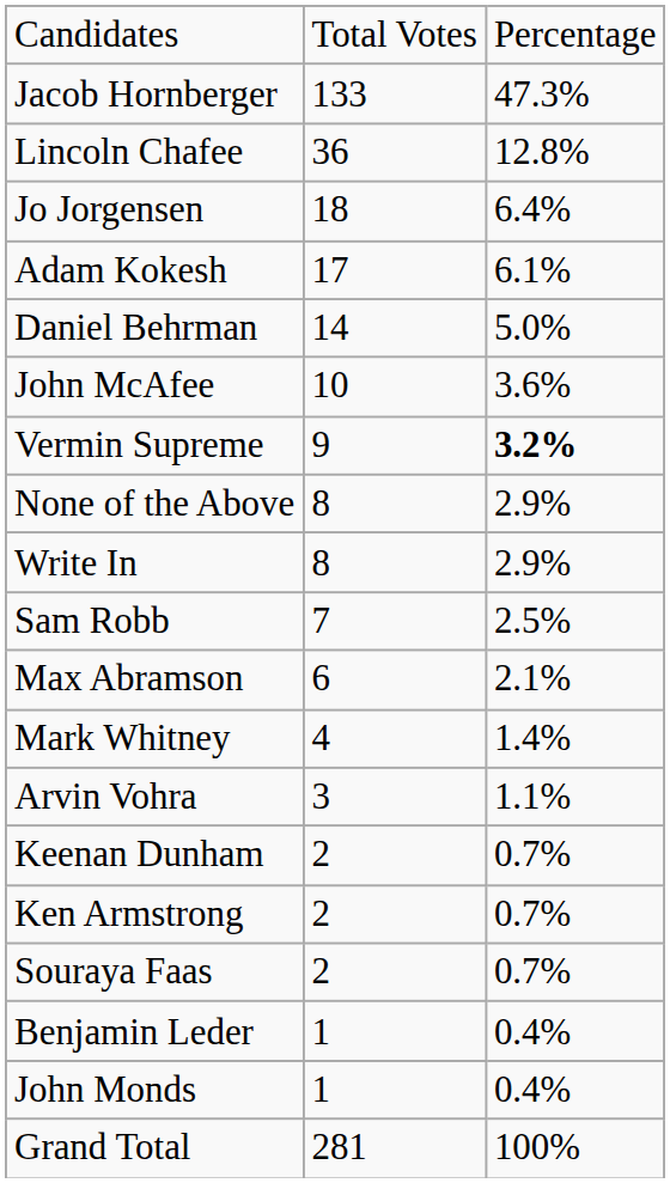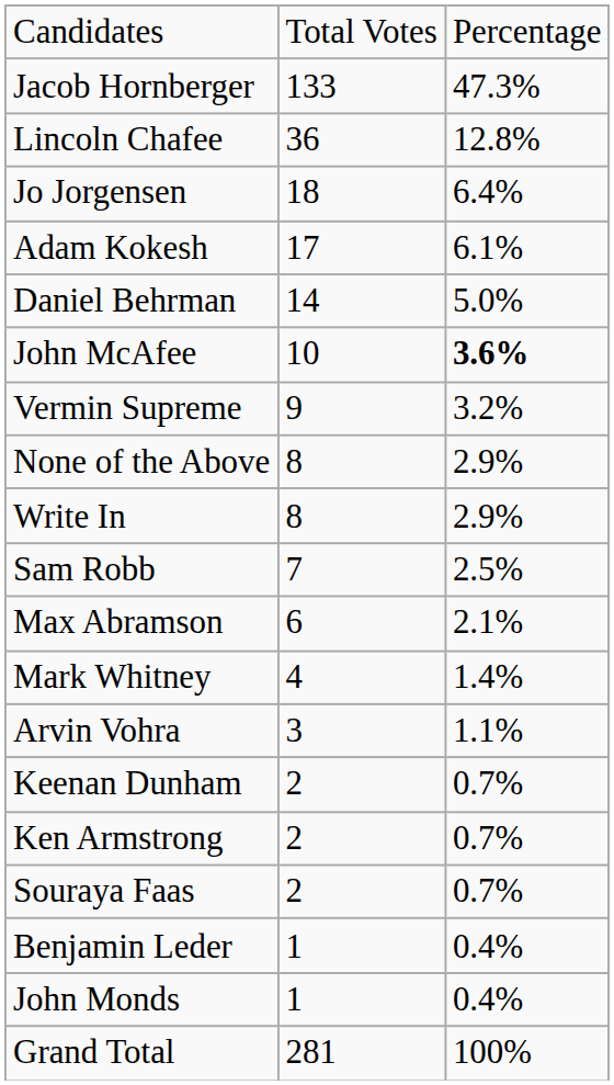 <table class="wikitable">
 <tr>
 <td>Candidates</td>
 <td>Total Votes</td>
 <td>Percentage</td>
 </tr>
 <tr>
 <td>Jacob  Hornberger</td>
 <td>133</td>
 <td>47.3%</td>
 </tr>
 <tr>
 <td>Lincoln Chafee</td>
 <td>36</td>
 <td>12.8%</td>
 </tr>
 <tr>
 <td>Jo Jorgensen</td>
 <td>18</td>
 <td>6.4%</td>
 </tr>
 <tr>
 <td>Adam Kokesh</td>
 <td>17</td>
 <td>6.1%</td>
 </tr>
 <tr>
 <td>Daniel Behrman</td>
 <td>14</td>
 <td>5.0%</td>
 </tr>
 <tr>
 <td>John McAfee</td>
 <td>10</td>
-<td>3.6%</td>
+<td><strong>3.6%</strong></td>
 </tr>
 <tr>
 <td>Vermin Supreme</td>
 <td>9</td>
-<td><strong>3.2%</strong></td>
+<td>3.2%</td>
 </tr>
 <tr>
 <td>None of the Above</td>
 <td>8</td>
 <td>2.9%</td>
 </tr>
 <tr>
 <td>Write In</td>
 <td>8</td>
 <td>2.9%</td>
 </tr>
 <tr>
 <td>Sam Robb</td>
 <td>7</td>
 <td>2.5%</td>
 </tr>
 <tr>
 <td>Max Abramson</td>
 <td>6</td>
 <td>2.1%</td>
 </tr>
 <tr>
 <td>Mark Whitney</td>
 <td>4</td>
 <td>1.4%</td>
 </tr>
 <tr>
 <td>Arvin Vohra</td>
 <td>3</td>
 <td>1.1%</td>
 </tr>
 <tr>
 <td>Keenan Dunham</td>
 <td>2</td>
 <td>0.7%</td>
 </tr>
 <tr>
 <td>Ken Armstrong</td>
 <td>2</td>
 <td>0.7%</td>
 </tr>
 <tr>
 <td>Souraya Faas</td>
 <td>2</td>
 <td>0.7%</td>
 </tr>
 <tr>
 <td>Benjamin Leder</td>
 <td>1</td>
 <td>0.4%</td>
 </tr>
 <tr>
 <td>John Monds</td>
 <td>1</td>
 <td>0.4%</td>
 </tr>
 <tr>
 <td>Grand Total</td>
 <td>281</td>
 <td>100%</td>
 </tr>
 </table>
